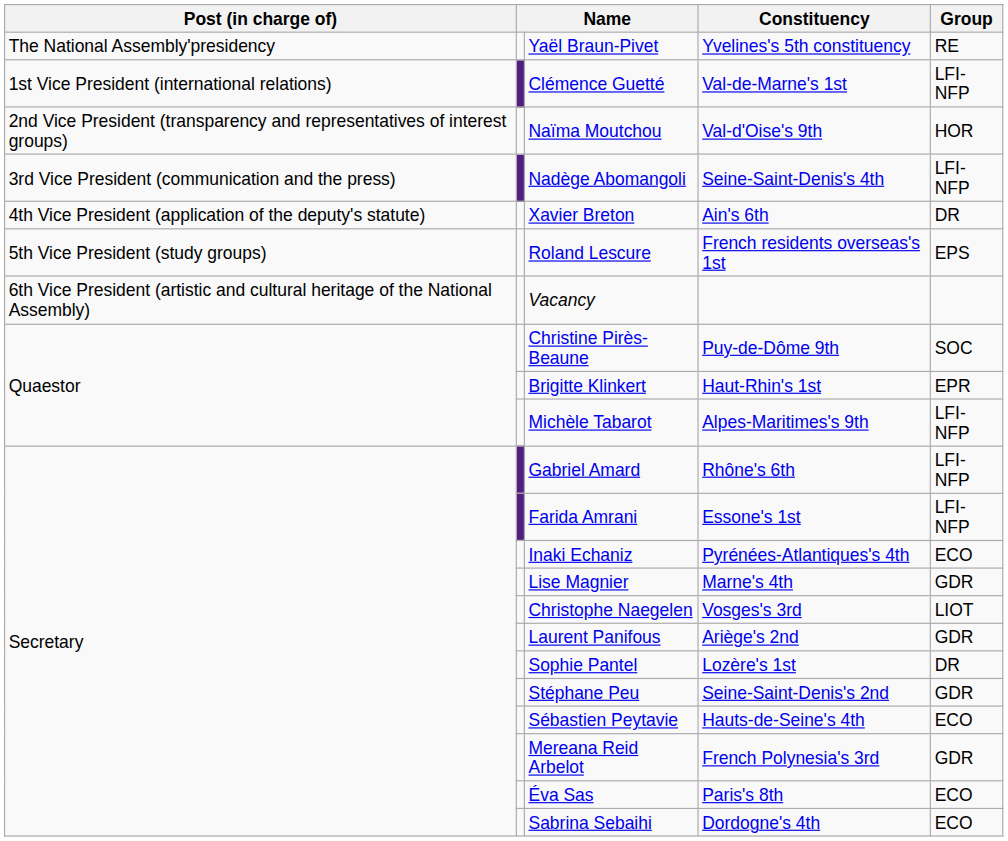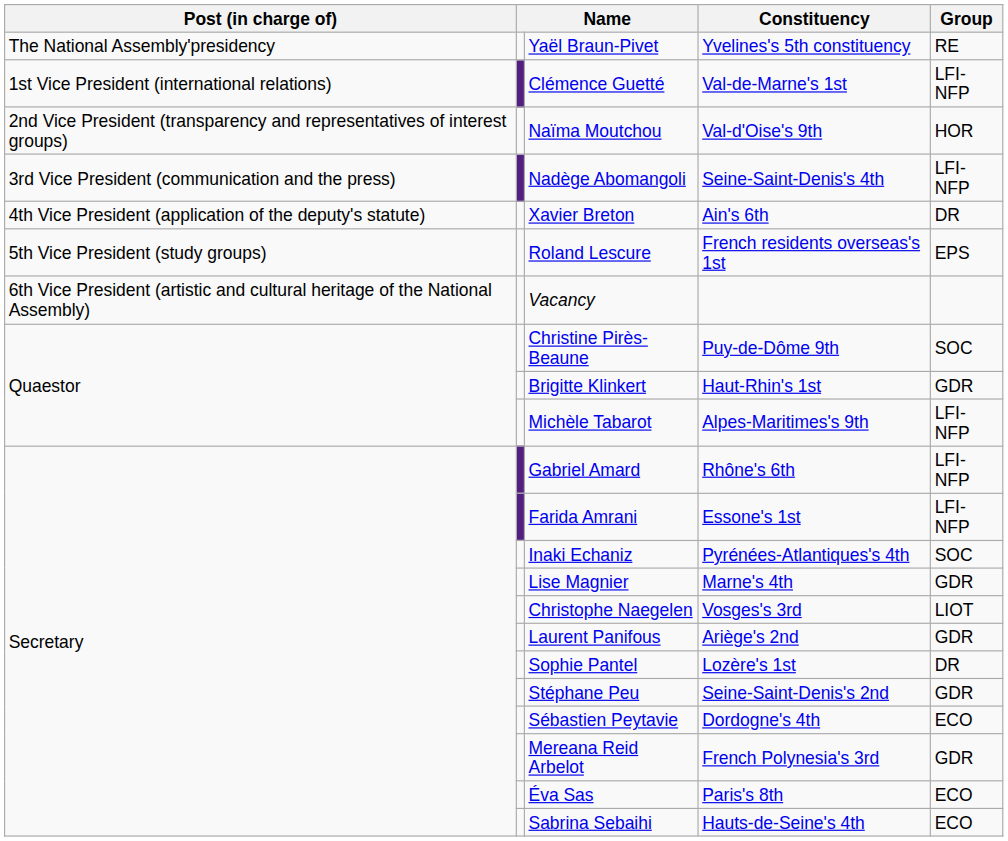 <table class="wikitable" style="font-size:95%;">
 <tr>
 <th>Post (in charge of)</th>
 <th colspan=2>Name</th>
 <th>Constituency</th>
 <th>Group</th>
 </tr>
 <tr>
 <td>The National Assembly'presidency</td>
 <td style="background:"></td>
 <td><a href='#'>Yaël Braun-Pivet</a></td>
 <td><a href='#'>Yvelines's 5th constituency</a></td>
 <td>RE</td>
 </tr>
 <tr>
 <td>1st Vice President (international relations)</td>
 <td style="background:#521f81;"></td>
 <td><a href='#'>Clémence Guetté</a></td>
 <td><a href='#'>Val-de-Marne's 1st</a></td>
 <td>LFI-NFP</td>
 </tr>
 <tr>
 <td>2nd Vice President (transparency and representatives of interest groups)</td>
 <td style="background:"></td>
 <td><a href='#'>Naïma Moutchou</a></td>
 <td><a href='#'>Val-d'Oise's 9th</a></td>
 <td>HOR</td>
 </tr>
 <tr>
 <td>3rd Vice President (communication and the press)</td>
 <td style="background:#521f81;"></td>
 <td><a href='#'>Nadège Abomangoli</a></td>
 <td><a href='#'>Seine-Saint-Denis's 4th</a></td>
 <td>LFI-NFP</td>
 </tr>
 <tr>
 <td>4th Vice President (application of the deputy's statute)</td>
 <td style="background:"></td>
 <td><a href='#'>Xavier Breton</a></td>
 <td><a href='#'>Ain's 6th</a></td>
 <td>DR</td>
 </tr>
 <tr>
 <td>5th Vice President (study groups)</td>
 <td style="background:"></td>
 <td><a href='#'>Roland Lescure</a></td>
 <td><a href='#'>French residents overseas's 1st</a></td>
 <td>EPS</td>
 </tr>
 <tr>
 <td>6th Vice President (artistic and cultural heritage of the National Assembly)</td>
 <td style=></td>
 <td><em>Vacancy</em></td>
 <td></td>
 <td></td>
 </tr>
 <tr>
 <td rowspan="3">Quaestor</td>
 <td style="background:"></td>
 <td><a href='#'>Christine Pirès-Beaune</a></td>
 <td><a href='#'>Puy-de-Dôme 9th</a></td>
 <td>SOC</td>
 </tr>
 <tr>
 <td style="background:"></td>
 <td><a href='#'>Brigitte Klinkert</a></td>
 <td><a href='#'>Haut-Rhin's 1st</a></td>
-<td>EPR</td>
+<td>GDR</td>
 </tr>
 <tr>
 <td style="background:"></td>
 <td><a href='#'>Michèle Tabarot</a></td>
 <td><a href='#'>Alpes-Maritimes's 9th</a></td>
 <td>LFI-NFP</td>
 </tr>
 <tr>
 <td rowspan="12">Secretary</td>
 <td style="background:#521f81;"></td>
 <td><a href='#'>Gabriel Amard</a></td>
 <td><a href='#'>Rhône's 6th</a></td>
 <td>LFI-NFP</td>
 </tr>
 <tr>
 <td style="background:#521f81;"></td>
 <td><a href='#'>Farida Amrani</a></td>
 <td><a href='#'>Essone's 1st</a></td>
 <td>LFI-NFP</td>
 </tr>
 <tr>
 <td style="background:"></td>
 <td><a href='#'>Inaki Echaniz</a></td>
 <td><a href='#'>Pyrénées-Atlantiques's 4th</a></td>
-<td>ECO</td>
+<td>SOC</td>
 </tr>
 <tr>
 <td style="background:"></td>
 <td><a href='#'>Lise Magnier</a></td>
 <td><a href='#'>Marne's 4th</a></td>
 <td>GDR</td>
 </tr>
 <tr>
 <td style="background:"></td>
 <td><a href='#'>Christophe Naegelen</a></td>
 <td><a href='#'>Vosges's 3rd</a></td>
 <td>LIOT</td>
 </tr>
 <tr>
 <td style="background:"></td>
 <td><a href='#'>Laurent Panifous</a></td>
 <td><a href='#'>Ariège's 2nd</a></td>
 <td>GDR</td>
 </tr>
 <tr>
 <td style="background:"></td>
 <td><a href='#'>Sophie Pantel</a></td>
 <td><a href='#'>Lozère's 1st</a></td>
 <td>DR</td>
 </tr>
 <tr>
 <td style="background:"></td>
 <td><a href='#'>Stéphane Peu</a></td>
 <td><a href='#'>Seine-Saint-Denis's 2nd</a></td>
 <td>GDR</td>
 </tr>
 <tr>
 <td style="background:"></td>
 <td><a href='#'>Sébastien Peytavie</a></td>
-<td><a href='#'>Hauts-de-Seine's 4th</a></td>
+<td><a href='#'>Dordogne's 4th</a></td>
 <td>ECO</td>
 </tr>
 <tr>
 <td style="background:"></td>
 <td><a href='#'>Mereana Reid Arbelot</a></td>
 <td><a href='#'>French Polynesia's 3rd</a></td>
 <td>GDR</td>
 </tr>
 <tr>
 <td style="background:"></td>
 <td><a href='#'>Éva Sas</a></td>
 <td><a href='#'>Paris's 8th</a></td>
 <td>ECO</td>
 </tr>
 <tr>
 <td style="background:"></td>
 <td><a href='#'>Sabrina Sebaihi</a></td>
-<td><a href='#'>Dordogne's 4th</a></td>
+<td><a href='#'>Hauts-de-Seine's 4th</a></td>
 <td>ECO</td>
 </tr>
 </table>
